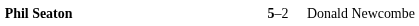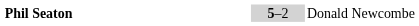 <table width="50%" cellspacing="1">
 <tr>
 <th width=45%></th>
 <th width=10%></th>
 <th width=45%></th>
 </tr>
 <tr>
 <td> <strong>Phil Seaton</strong></td>
-<td align="center"><strong>5</strong>–2</td>
+<td align="center" style="background: lightgrey;"><strong>5</strong>–2</td>
 <td> Donald Newcombe</td>
 </tr>
 </table>
